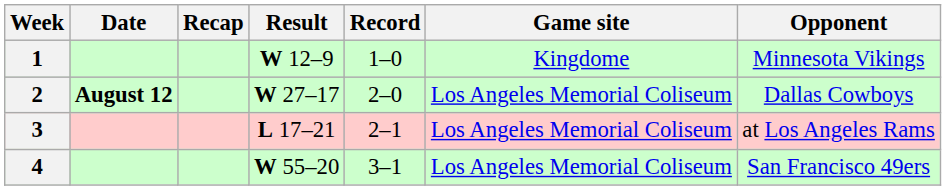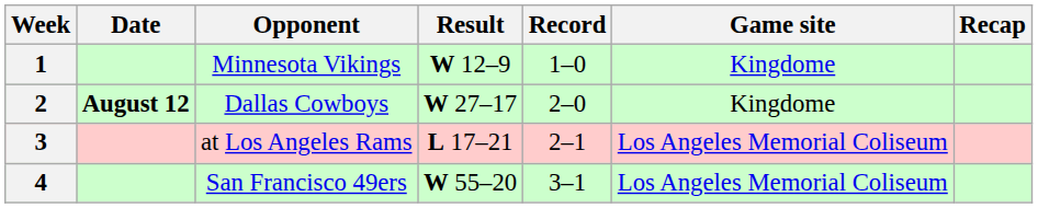 <table class="wikitable" style="text-align:center">
 <tr>
 <th>Week</th>
 <th>Date</th>
-<th>Recap</th>
+<th>Opponent</th>
 <th>Result</th>
 <th>Record</th>
 <th>Game site</th>
-<th>Opponent</th>
+<th>Recap</th>
 </tr>
 <tr style="background:#cfc">
 <th>1</th>
 <td></td>
-<td></td>
+<td><a href='#'>Minnesota Vikings</a></td>
 <td><strong>W</strong> 12–9</td>
 <td>1–0</td>
 <td><a href='#'>Kingdome</a></td>
-<td><a href='#'>Minnesota Vikings</a></td>
+<td></td>
 </tr>
 <tr style="background:#cfc">
 <th>2</th>
 <td><strong>August 12</strong></td>
-<td></td>
+<td><a href='#'>Dallas Cowboys</a></td>
 <td><strong>W</strong> 27–17</td>
 <td>2–0</td>
-<td><a href='#'>Los Angeles Memorial Coliseum</a></td>
-<td><a href='#'>Dallas Cowboys</a></td>
+<td>Kingdome</td>
+<td></td>
 </tr>
 <tr style="background:#fcc">
 <th>3</th>
 <td></td>
-<td></td>
+<td>at <a href='#'>Los Angeles Rams</a></td>
 <td><strong>L</strong> 17–21</td>
 <td>2–1</td>
 <td><a href='#'>Los Angeles Memorial Coliseum</a></td>
-<td>at <a href='#'>Los Angeles Rams</a></td>
+<td></td>
 </tr>
 <tr style="background:#cfc">
 <th>4</th>
 <td></td>
-<td></td>
+<td><a href='#'>San Francisco 49ers</a></td>
 <td><strong>W</strong> 55–20</td>
 <td>3–1</td>
 <td><a href='#'>Los Angeles Memorial Coliseum</a></td>
-<td><a href='#'>San Francisco 49ers</a></td>
+<td></td>
 </tr>
 </table>
